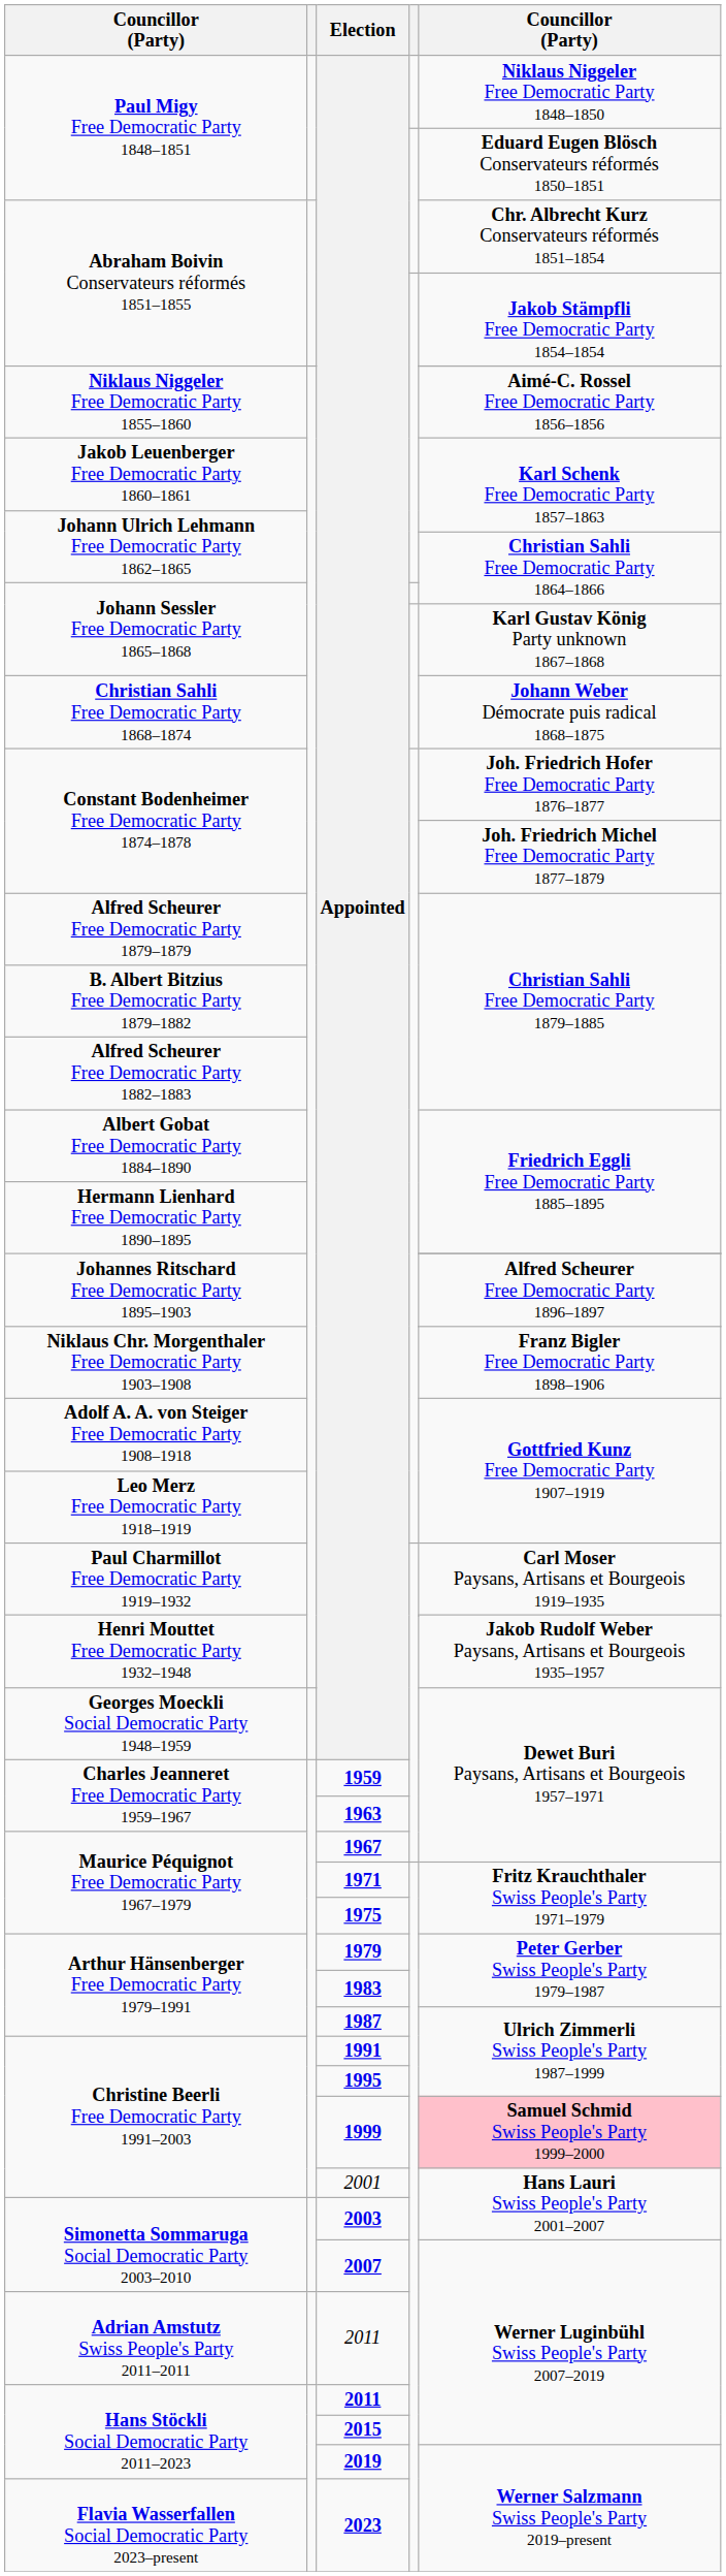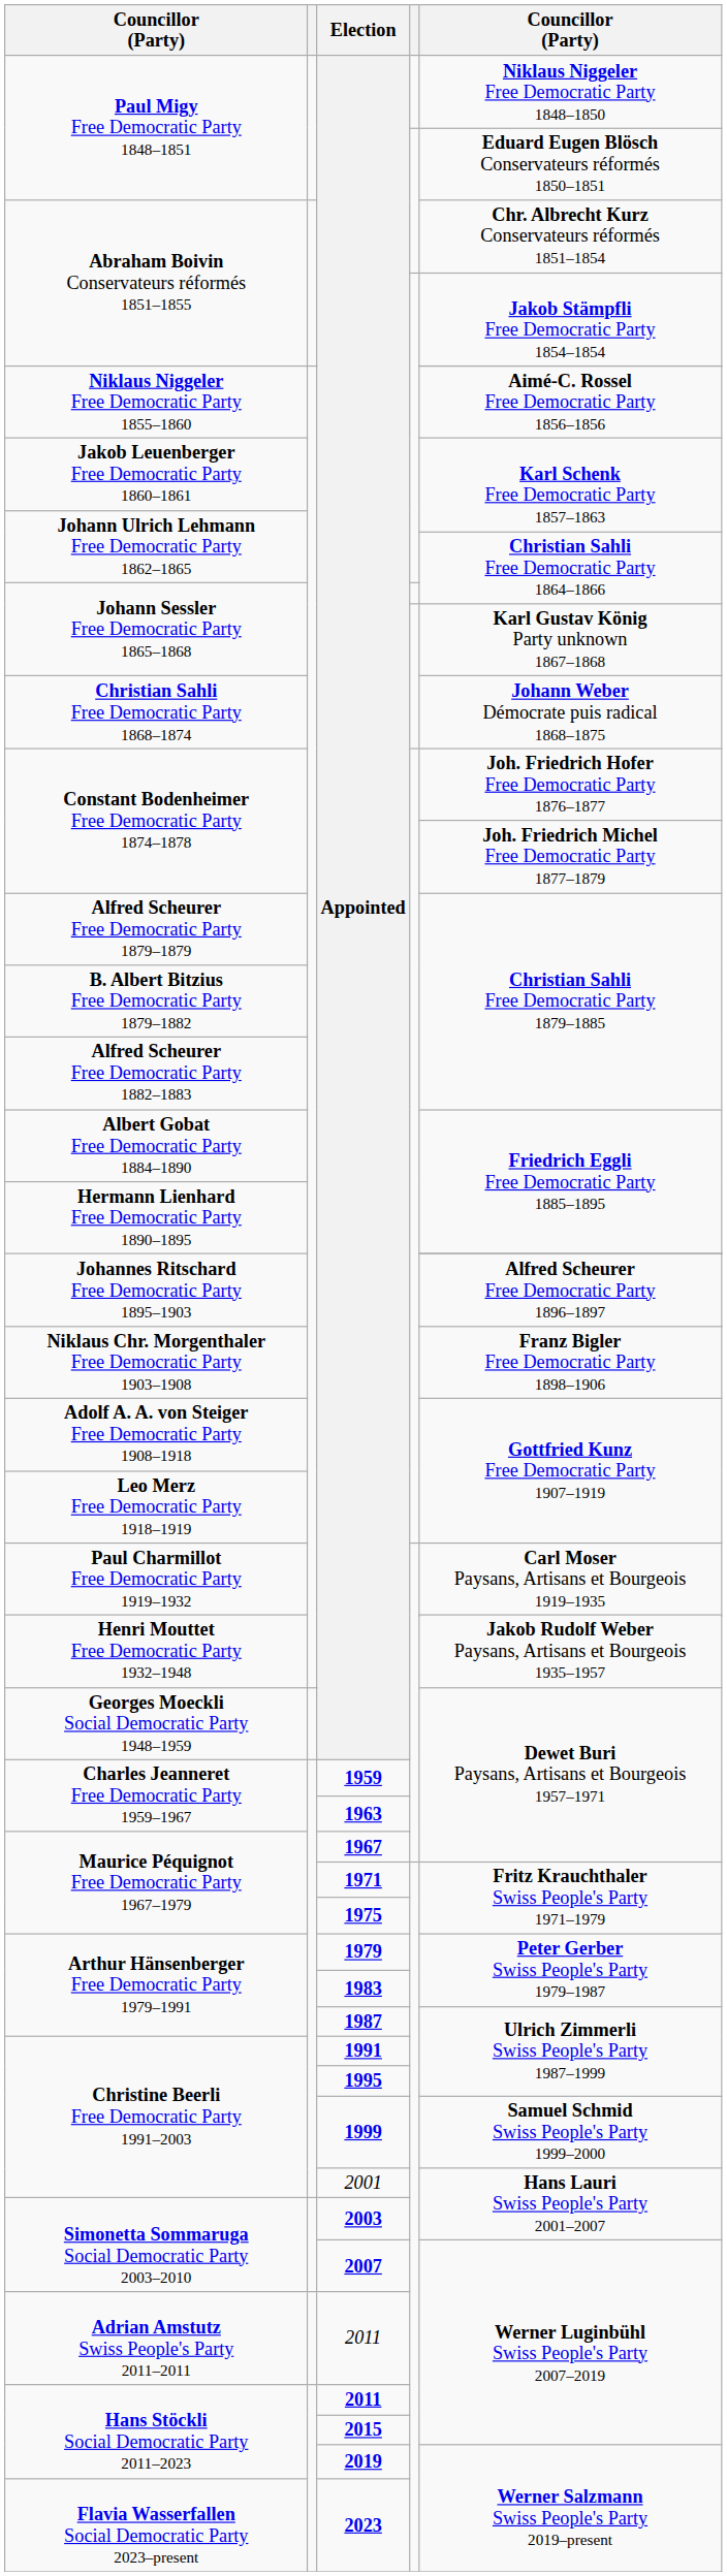 <table class="wikitable" style="text-align:center">
 <tr>
 <th scope="col" width="250" colspan = "1">Councillor<br> (Party)</th>
 <th></th>
 <th>Election</th>
 <th></th>
 <th scope="col" width="250" colspan = "1">Councillor<br> (Party)</th>
 </tr>
 <tr>
 <td rowspan=2><strong><a href='#'>Paul Migy</a></strong><br><a href='#'>Free Democratic Party</a><br><small>1848–1851</small></td>
 <td rowspan=2; style="background-color: "></td>
 <th rowspan=34>Appointed</th>
 <td rowspan=1; style="background-color: "></td>
 <td rowspan=1><strong><a href='#'>Niklaus Niggeler</a></strong><br><a href='#'>Free Democratic Party</a><br><small>1848–1850</small></td>
 </tr>
 <tr>
 <td rowspan=2; style="background-color: "></td>
 <td rowspan=1><strong>Eduard Eugen Blösch</strong><br>Conservateurs réformés<br><small>1850–1851</small></td>
 </tr>
 <tr>
 <td rowspan=2><strong>Abraham Boivin</strong><br>Conservateurs réformés<br><small>1851–1855</small></td>
 <td rowspan=2; style="background-color: "></td>
 <td rowspan=1><strong>Chr. Albrecht Kurz</strong><br>Conservateurs réformés<br><small>1851–1854</small></td>
 </tr>
 <tr>
 <td rowspan=7; style="background-color: "></td>
 <td rowspan=1><br><strong><a href='#'>Jakob Stämpfli</a></strong><br><a href='#'>Free Democratic Party</a><br><small>1854–1854</small></td>
 </tr>
 <tr>
 <td rowspan=3><strong><a href='#'>Niklaus Niggeler</a></strong><br><a href='#'>Free Democratic Party</a><br><small>1855–1860</small></td>
 <td rowspan=28; style="background-color: "></td>
 </tr>
 <tr>
 <td rowspan=1><strong>Aimé-C. Rossel</strong><br><a href='#'>Free Democratic Party</a><br><small>1856–1856</small></td>
 </tr>
 <tr>
 <td rowspan=3><br><strong><a href='#'>Karl Schenk</a></strong><br><a href='#'>Free Democratic Party</a><br><small>1857–1863</small></td>
 </tr>
 <tr>
 <td rowspan=1><strong>Jakob Leuenberger</strong><br><a href='#'>Free Democratic Party</a><br><small>1860–1861</small></td>
 </tr>
 <tr>
 <td rowspan=2><strong>Johann Ulrich Lehmann</strong><br><a href='#'>Free Democratic Party</a><br><small>1862–1865</small></td>
 </tr>
 <tr>
 <td rowspan=2><strong><a href='#'>Christian Sahli</a></strong><br><a href='#'>Free Democratic Party</a><br><small>1864–1866</small></td>
 </tr>
 <tr>
 <td rowspan=2><strong>Johann Sessler</strong><br><a href='#'>Free Democratic Party</a><br><small>1865–1868</small></td>
 </tr>
 <tr>
 <td rowspan=3; style="background-color: "></td>
 <td rowspan=1><strong>Karl Gustav König</strong><br>Party unknown<br><small>1867–1868</small></td>
 </tr>
 <tr>
 <td rowspan=1><strong><a href='#'>Christian Sahli</a></strong><br><a href='#'>Free Democratic Party</a><br><small>1868–1874</small></td>
 <td rowspan=2><strong><a href='#'>Johann Weber</a></strong><br>Démocrate puis radical<br><small>1868–1875</small></td>
 </tr>
 <tr>
 <td rowspan=3><strong>Constant Bodenheimer</strong><br><a href='#'>Free Democratic Party</a><br><small>1874–1878</small></td>
 </tr>
 <tr>
 <td rowspan=15; style="background-color: "></td>
 <td rowspan=1><strong>Joh. Friedrich Hofer</strong><br><a href='#'>Free Democratic Party</a><br><small>1876–1877</small></td>
 </tr>
 <tr>
 <td rowspan=1><strong>Joh. Friedrich Michel</strong><br><a href='#'>Free Democratic Party</a><br><small>1877–1879</small></td>
 </tr>
 <tr>
 <td rowspan=1><strong>Alfred Scheurer</strong><br><a href='#'>Free Democratic Party</a><br><small>1879–1879</small></td>
 <td rowspan=4><strong><a href='#'>Christian Sahli</a></strong><br><a href='#'>Free Democratic Party</a><br><small>1879–1885</small></td>
 </tr>
 <tr>
 <td rowspan=1><strong>B. Albert Bitzius</strong><br><a href='#'>Free Democratic Party</a><br><small>1879–1882</small></td>
 </tr>
 <tr>
 <td rowspan=1><strong>Alfred Scheurer</strong><br><a href='#'>Free Democratic Party</a><br><small>1882–1883</small></td>
 </tr>
 <tr>
 <td rowspan=2><strong>Albert Gobat</strong><br><a href='#'>Free Democratic Party</a><br><small>1884–1890</small></td>
 </tr>
 <tr>
 <td rowspan=2><strong><a href='#'>Friedrich Eggli</a></strong><br><a href='#'>Free Democratic Party</a><br><small>1885–1895</small></td>
 </tr>
 <tr>
 <td rowspan=1><strong>Hermann Lienhard</strong><br><a href='#'>Free Democratic Party</a><br><small>1890–1895</small></td>
 </tr>
 <tr>
 <td rowspan=3><strong>Johannes Ritschard</strong><br><a href='#'>Free Democratic Party</a><br><small>1895–1903</small></td>
 </tr>
 <tr>
 <td rowspan=1><strong>Alfred Scheurer</strong><br><a href='#'>Free Democratic Party</a><br><small>1896–1897</small></td>
 </tr>
 <tr>
 <td rowspan=2><strong>Franz Bigler</strong><br><a href='#'>Free Democratic Party</a><br><small>1898–1906</small></td>
 </tr>
 <tr>
 <td rowspan=2><strong>Niklaus Chr. Morgenthaler</strong><br><a href='#'>Free Democratic Party</a><br><small>1903–1908</small></td>
 </tr>
 <tr>
 <td rowspan=3><strong><a href='#'>Gottfried Kunz</a></strong><br><a href='#'>Free Democratic Party</a><br><small>1907–1919</small></td>
 </tr>
 <tr>
 <td rowspan=1><strong>Adolf A. A. von Steiger</strong><br><a href='#'>Free Democratic Party</a><br><small>1908–1918</small></td>
 </tr>
 <tr>
 <td rowspan=1><strong>Leo Merz</strong><br><a href='#'>Free Democratic Party</a><br><small>1918–1919</small></td>
 </tr>
 <tr>
 <td rowspan=1><strong>Paul Charmillot</strong><br><a href='#'>Free Democratic Party</a><br><small>1919–1932</small></td>
 <td rowspan=8; style="background-color: "></td>
 <td rowspan=2><strong>Carl Moser</strong><br>Paysans, Artisans et Bourgeois<br><small>1919–1935</small></td>
 </tr>
 <tr>
 <td rowspan=2><strong>Henri Mouttet</strong><br><a href='#'>Free Democratic Party</a><br><small>1932–1948</small></td>
 </tr>
 <tr>
 <td rowspan=2><strong>Jakob Rudolf Weber</strong><br>Paysans, Artisans et Bourgeois<br><small>1935–1957</small></td>
 </tr>
 <tr>
 <td rowspan=2><strong>Georges Moeckli</strong><br><a href='#'>Social Democratic Party</a><br><small>1948–1959</small></td>
 <td rowspan=2; style="background-color: "></td>
 </tr>
 <tr>
 <td rowspan=4><strong>Dewet Buri</strong><br>Paysans, Artisans et Bourgeois<br><small>1957–1971</small></td>
 </tr>
 <tr>
 <td rowspan=2><strong>Charles Jeanneret</strong><br><a href='#'>Free Democratic Party</a><br><small>1959–1967</small></td>
 <td rowspan=12; style="background-color: "></td>
 <td><strong><a href='#'>1959</a></strong></td>
 </tr>
 <tr>
 <td><strong><a href='#'>1963</a></strong></td>
 </tr>
 <tr>
 <td rowspan=3><strong>Maurice Péquignot</strong><br><a href='#'>Free Democratic Party</a><br><small>1967–1979</small></td>
 <td><strong><a href='#'>1967</a></strong></td>
 </tr>
 <tr>
 <td><strong><a href='#'>1971</a></strong></td>
 <td rowspan=16; style="background-color: "></td>
 <td rowspan=2><strong>Fritz Krauchthaler</strong><br><a href='#'>Swiss People's Party</a><br><small>1971–1979</small></td>
 </tr>
 <tr>
 <td><strong><a href='#'>1975</a></strong></td>
 </tr>
 <tr>
 <td rowspan=3><strong>Arthur Hänsenberger</strong><br><a href='#'>Free Democratic Party</a><br><small>1979–1991</small></td>
 <td><strong><a href='#'>1979</a></strong></td>
 <td rowspan=2><strong><a href='#'>Peter Gerber</a></strong><br><a href='#'>Swiss People's Party</a><br><small>1979–1987</small></td>
 </tr>
 <tr>
 <td><strong><a href='#'>1983</a></strong></td>
 </tr>
 <tr>
 <td><strong><a href='#'>1987</a></strong></td>
 <td rowspan=3><strong>Ulrich Zimmerli</strong><br><a href='#'>Swiss People's Party</a><br><small>1987–1999</small></td>
 </tr>
 <tr>
 <td rowspan=4><strong>Christine Beerli</strong><br><a href='#'>Free Democratic Party</a><br><small>1991–2003</small></td>
 <td><strong><a href='#'>1991</a></strong></td>
 </tr>
 <tr>
 <td><strong><a href='#'>1995</a></strong></td>
 </tr>
 <tr>
 <td><strong><a href='#'>1999</a></strong></td>
-<td rowspan=1 style="background: pink;"><strong>Samuel Schmid</strong><br><a href='#'>Swiss People's Party</a><br><small>1999–2000</small></td>
+<td rowspan=1><strong>Samuel Schmid</strong><br><a href='#'>Swiss People's Party</a><br><small>1999–2000</small></td>
 </tr>
 <tr>
 <td><em>2001</em></td>
 <td rowspan=2><strong>Hans Lauri</strong><br><a href='#'>Swiss People's Party</a><br><small>2001–2007</small></td>
 </tr>
 <tr>
 <td rowspan=2><br><strong><a href='#'>Simonetta Sommaruga</a></strong><br><a href='#'>Social Democratic Party</a><br><small>2003–2010</small></td>
 <td rowspan=2; style="background-color: "></td>
 <td><strong><a href='#'>2003</a></strong></td>
 </tr>
 <tr>
 <td><strong><a href='#'>2007</a></strong></td>
 <td rowspan=4><br><strong>Werner Luginbühl</strong><br><a href='#'>Swiss People's Party</a><br><small>2007–2019</small></td>
 </tr>
 <tr>
 <td rowspan=1><br><strong><a href='#'>Adrian Amstutz</a></strong><br><a href='#'>Swiss People's Party</a><br><small>2011–2011</small></td>
 <td rowspan=1; style="background-color: "></td>
 <td><em>2011</em></td>
 </tr>
 <tr>
 <td rowspan=3><br><strong><a href='#'>Hans Stöckli</a></strong><br><a href='#'>Social Democratic Party</a><br><small>2011–2023</small></td>
 <td rowspan=4; style="background-color: "></td>
 <td><strong><a href='#'>2011</a></strong></td>
 </tr>
 <tr>
 <td><strong><a href='#'>2015</a></strong></td>
 </tr>
 <tr>
 <td><strong><a href='#'>2019</a></strong></td>
 <td rowspan=2><br><strong><a href='#'>Werner Salzmann</a></strong><br><a href='#'>Swiss People's Party</a><br><small>2019–present</small></td>
 </tr>
 <tr>
 <td rowspan=1><br><strong><a href='#'>Flavia Wasserfallen</a></strong><br><a href='#'>Social Democratic Party</a><br><small>2023–present</small></td>
 <td><strong><a href='#'>2023</a></strong></td>
 </tr>
 </table>
